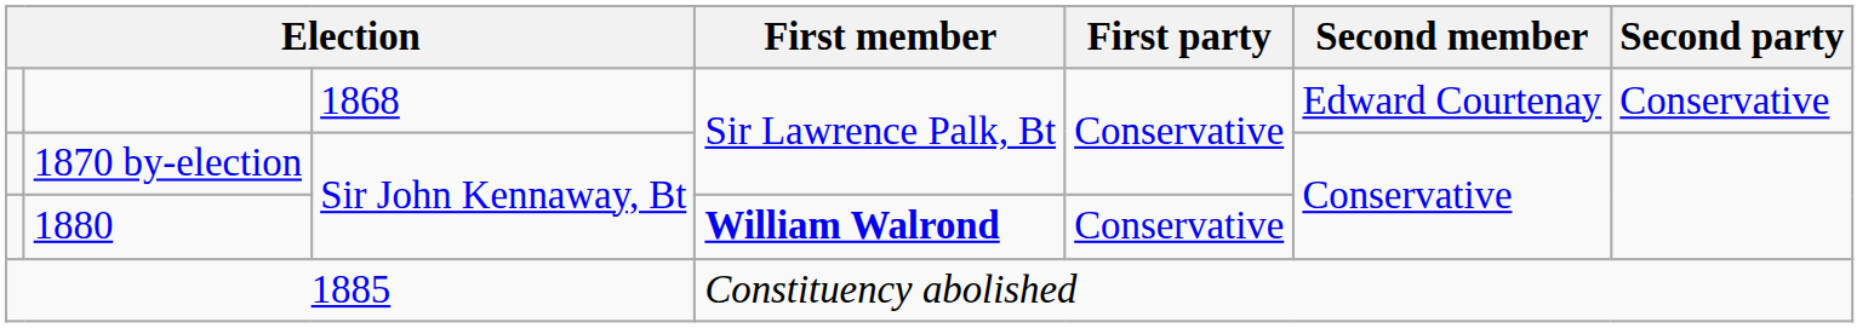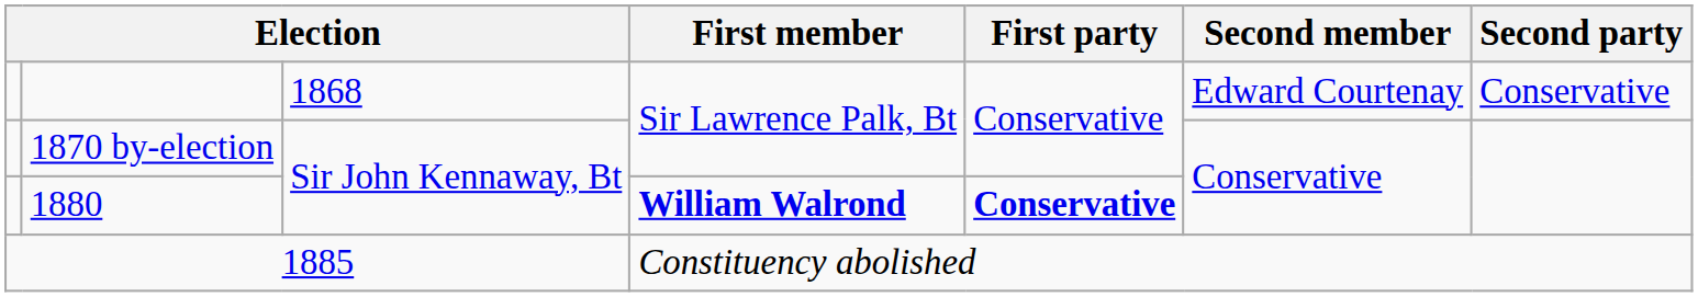 <table class="wikitable">
 <tr>
 <th colspan="3">Election</th>
 <th>First member</th>
 <th>First party</th>
 <th>Second member</th>
 <th>Second party</th>
 </tr>
 <tr>
 <td style="color:inherit;background-color: "></td>
 <td style="color:inherit;background-color: "></td>
 <td><a href='#'>1868</a></td>
 <td rowspan="2"><a href='#'>Sir Lawrence Palk, Bt</a></td>
 <td rowspan="2"><a href='#'>Conservative</a></td>
 <td><a href='#'>Edward Courtenay</a></td>
 <td><a href='#'>Conservative</a></td>
 </tr>
 <tr>
 <td style="color:inherit;background-color: "></td>
 <td><a href='#'>1870 by-election</a></td>
 <td rowspan="2"><a href='#'>Sir John Kennaway, Bt</a></td>
 <td rowspan="2"><a href='#'>Conservative</a></td>
 </tr>
 <tr>
 <td style="color:inherit;background-color: "></td>
 <td><a href='#'>1880</a></td>
 <td><strong><a href='#'>William Walrond</a></strong></td>
-<td><a href='#'>Conservative</a></td>
+<td><strong><a href='#'>Conservative</a></strong></td>
 </tr>
 <tr>
 <td colspan="3" style="text-align:center;"><a href='#'>1885</a></td>
 <td colspan="4"><em>Constituency abolished</em></td>
 </tr>
 </table>
